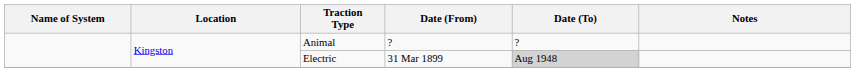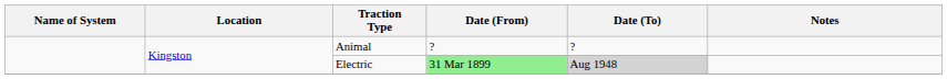 <table class="wikitable" width=100%>
 <tr>
 <th width=15%>Name of System</th>
 <th width=20%>Location</th>
 <th width=10%>Traction<br>Type</th>
 <th width=15%>Date (From)</th>
 <th width=15%>Date (To)</th>
 <th width=25%>Notes</th>
 </tr>
 <tr>
 <td rowspan="2"> </td>
 <td rowspan="2"><a href='#'>Kingston</a></td>
 <td>Animal</td>
 <td>?</td>
 <td>?</td>
 <td> </td>
 </tr>
 <tr>
 <td>Electric</td>
-<td>31 Mar 1899</td>
+<td style="background: lightgreen;">31 Mar 1899</td>
 <td style="background: lightgrey;">Aug 1948</td>
 <td> </td>
 </tr>
 <tr>
 </tr>
 </table>
